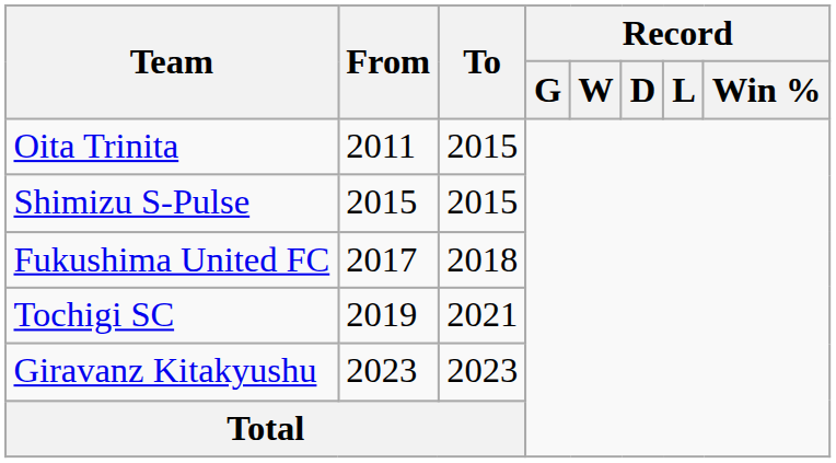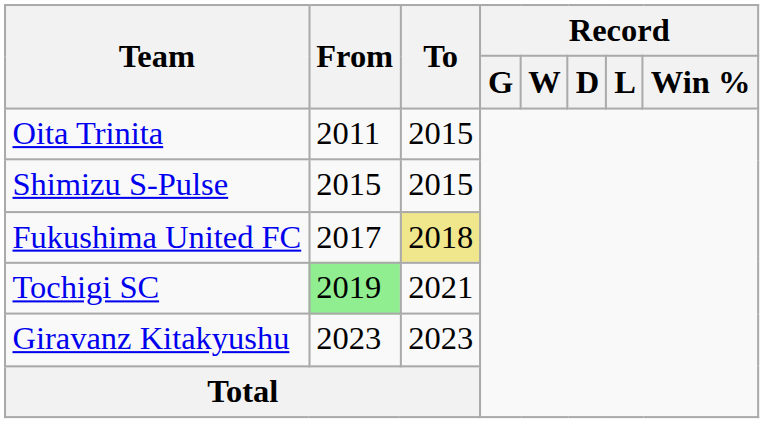 <table class="wikitable" style="text-align: center">
 <tr>
 <th rowspan="2">Team</th>
 <th rowspan="2">From</th>
 <th rowspan="2">To</th>
 <th colspan="5">Record</th>
 </tr>
 <tr>
 <th>G</th>
 <th>W</th>
 <th>D</th>
 <th>L</th>
 <th>Win %</th>
 </tr>
 <tr>
 <td align="left"><a href='#'>Oita Trinita</a></td>
 <td align="left">2011</td>
 <td align="left">2015<br></td>
 </tr>
 <tr>
 <td align="left"><a href='#'>Shimizu S-Pulse</a></td>
 <td align="left">2015</td>
 <td align="left">2015<br></td>
 </tr>
 <tr>
 <td align="left"><a href='#'>Fukushima United FC</a></td>
 <td align="left">2017</td>
-<td align="left">2018<br></td>
+<td align="left" style="background: khaki;">2018<br></td>
 </tr>
 <tr>
 <td align="left"><a href='#'>Tochigi SC</a></td>
-<td align="left">2019</td>
+<td align="left" style="background: lightgreen;">2019</td>
 <td align="left">2021<br></td>
 </tr>
 <tr>
 <td align="left"><a href='#'>Giravanz Kitakyushu</a></td>
 <td align="left">2023</td>
 <td align="left">2023<br></td>
 </tr>
 <tr>
 <th colspan="3">Total<br></th>
 </tr>
 </table>
